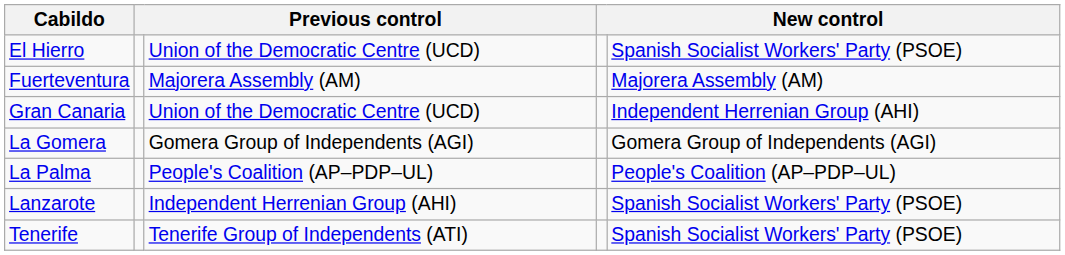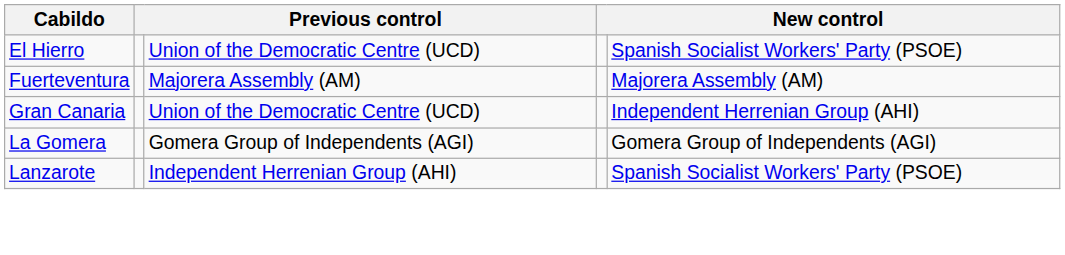 <table class="wikitable sortable">
 <tr>
 <th>Cabildo</th>
 <th colspan="2" style="width:375px;">Previous control</th>
 <th colspan="2" style="width:375px;">New control</th>
 </tr>
 <tr>
 <td><a href='#'>El Hierro</a></td>
 <td width="1" style="color:inherit;background:"></td>
 <td><a href='#'>Union of the Democratic Centre</a> (UCD)</td>
 <td width="1" style="color:inherit;background:"></td>
 <td><a href='#'>Spanish Socialist Workers' Party</a> (PSOE)</td>
 </tr>
 <tr>
 <td><a href='#'>Fuerteventura</a></td>
 <td style="color:inherit;background:"></td>
 <td><a href='#'>Majorera Assembly</a> (AM)</td>
 <td style="color:inherit;background:"></td>
 <td><a href='#'>Majorera Assembly</a> (AM)</td>
 </tr>
 <tr>
 <td><a href='#'>Gran Canaria</a></td>
 <td style="color:inherit;background:"></td>
 <td><a href='#'>Union of the Democratic Centre</a> (UCD)</td>
 <td style="color:inherit;background:"></td>
 <td><a href='#'>Independent Herrenian Group</a> (AHI)</td>
 </tr>
 <tr>
 <td><a href='#'>La Gomera</a></td>
 <td style="color:inherit;background:"></td>
 <td>Gomera Group of Independents (AGI)</td>
 <td style="color:inherit;background:"></td>
 <td>Gomera Group of Independents (AGI)</td>
 </tr>
 <tr>
-<td><a href='#'>La Palma</a></td>
-<td style="color:inherit;background:"></td>
-<td><a href='#'>People's Coalition</a> (AP–PDP–UL)</td>
-<td style="color:inherit;background:"></td>
-<td><a href='#'>People's Coalition</a> (AP–PDP–UL)</td>
-</tr>
-<tr>
 <td><a href='#'>Lanzarote</a></td>
 <td style="color:inherit;background:"></td>
 <td><a href='#'>Independent Herrenian Group</a> (AHI)</td>
 <td style="color:inherit;background:"></td>
 <td><a href='#'>Spanish Socialist Workers' Party</a> (PSOE)</td>
 </tr>
-<tr>
-<td><a href='#'>Tenerife</a></td>
-<td style="color:inherit;background:"></td>
-<td><a href='#'>Tenerife Group of Independents</a> (ATI)</td>
-<td style="color:inherit;background:"></td>
-<td><a href='#'>Spanish Socialist Workers' Party</a> (PSOE)</td>
-</tr>
 </table>
